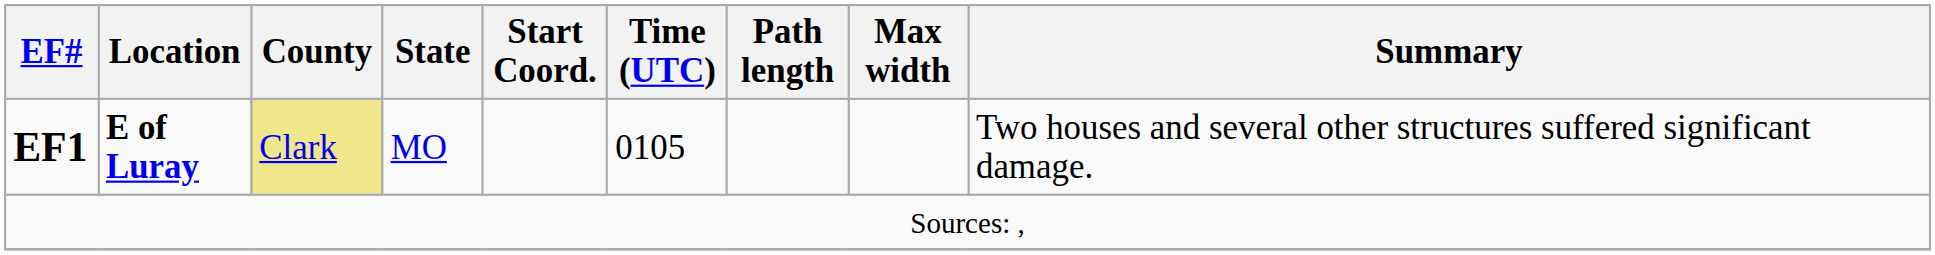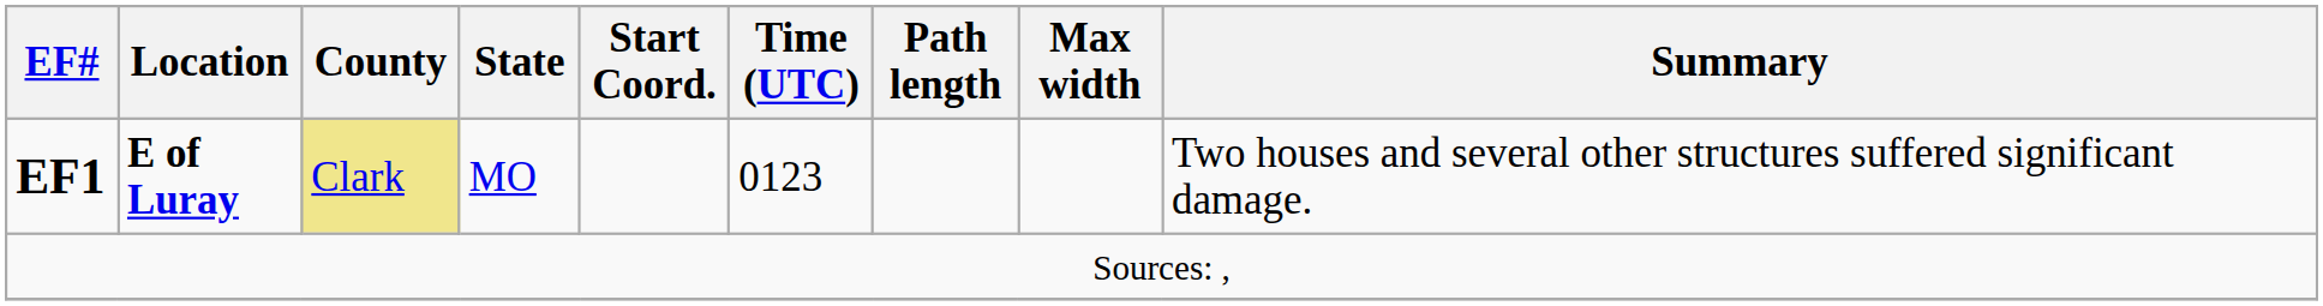 <table class="wikitable collapsible" width="100%">
 <tr>
 <th scope="col"  style="width:3%; text-align:center;"><a href='#'>EF#</a></th>
 <th scope="col"  style="width:7%; text-align:center;" class="unsortable">Location</th>
 <th scope="col"  style="width:6%; text-align:center;" class="unsortable">County</th>
 <th scope="col"  style="width:5%; text-align:center;">State</th>
 <th scope="col"  style="width:6%; text-align:center;">Start Coord.</th>
 <th scope="col"  style="width:6%; text-align:center;">Time (<a href='#'>UTC</a>)</th>
 <th scope="col"  style="width:6%; text-align:center;">Path length</th>
 <th scope="col"  style="width:6%; text-align:center;">Max width</th>
 <th scope="col" class="unsortable" style="width:48%; text-align:center;">Summary</th>
 </tr>
 <tr>
 <td><big><strong>EF1</strong></big></td>
 <td><strong>E of <a href='#'>Luray</a></strong></td>
 <td style="background: khaki;"><a href='#'>Clark</a></td>
 <td><a href='#'>MO</a></td>
 <td></td>
-<td>0105</td>
+<td>0123</td>
 <td></td>
 <td></td>
 <td>Two houses and several other structures suffered significant damage.</td>
 </tr>
 <tr>
 <td colspan="9" align=center><small>Sources: ,  </small></td>
 </tr>
 <tr>
 </tr>
 </table>
